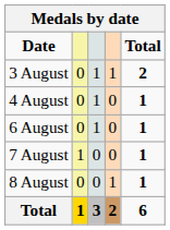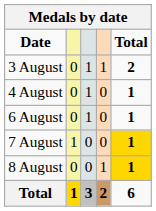 <table class="wikitable" style="font-size:85%">
 <tr bgcolor="#efefef">
 <th colspan=6>Medals by date</th>
 </tr>
 <tr align=center>
 <td><strong>Date</strong></td>
 <td bgcolor=#f7f6a8></td>
 <td bgcolor=#dce5e5></td>
 <td bgcolor=#ffdab9></td>
 <td><strong>Total</strong></td>
 </tr>
 <tr align=center>
 <td>3 August</td>
 <td style="background:#F7F6A8;">0</td>
 <td style="background:#DCE5E5;">1</td>
 <td style="background:#FFDAB9;">1</td>
 <td><strong>2</strong></td>
 </tr>
 <tr align=center>
 <td>4 August</td>
 <td style="background:#F7F6A8;">0</td>
 <td style="background:#DCE5E5;">1</td>
 <td style="background:#FFDAB9;">0</td>
 <td><strong>1</strong></td>
 </tr>
 <tr align=center>
 <td>6 August</td>
 <td style="background:#F7F6A8;">0</td>
 <td style="background:#DCE5E5;">1</td>
 <td style="background:#FFDAB9;">0</td>
 <td><strong>1</strong></td>
 </tr>
 <tr align=center>
 <td>7 August</td>
 <td style="background:#F7F6A8;">1</td>
 <td style="background:#DCE5E5;">0</td>
 <td style="background:#FFDAB9;">0</td>
-<td><strong>1</strong></td>
+<td style="background: gold;"><strong>1</strong></td>
 </tr>
 <tr align=center>
 <td>8 August</td>
 <td style="background:#F7F6A8;">0</td>
 <td style="background:#DCE5E5;">0</td>
 <td style="background:#FFDAB9;">1</td>
-<td><strong>1</strong></td>
+<td style="background: gold;"><strong>1</strong></td>
 </tr>
 <tr align=center>
 <th><strong>Total</strong></th>
 <th style="background:gold;"><strong>1</strong></th>
 <th style="background:silver;"><strong>3</strong></th>
 <th style="background:#c96;"><strong>2</strong></th>
 <td><strong>6</strong></td>
 </tr>
 </table>
